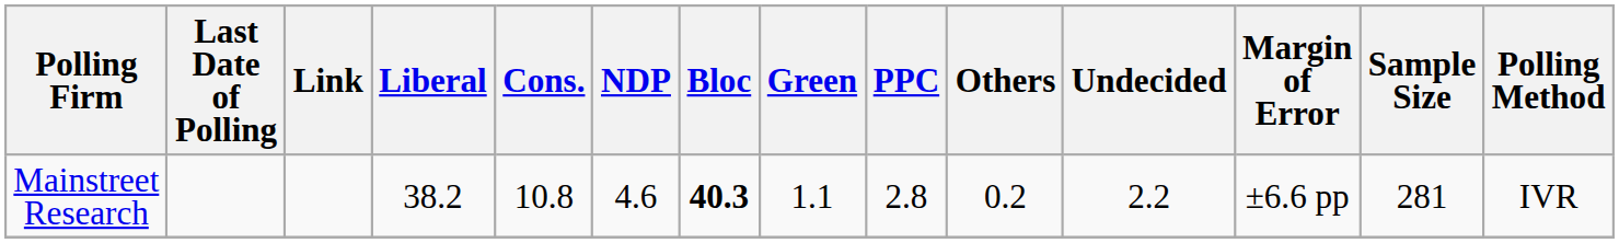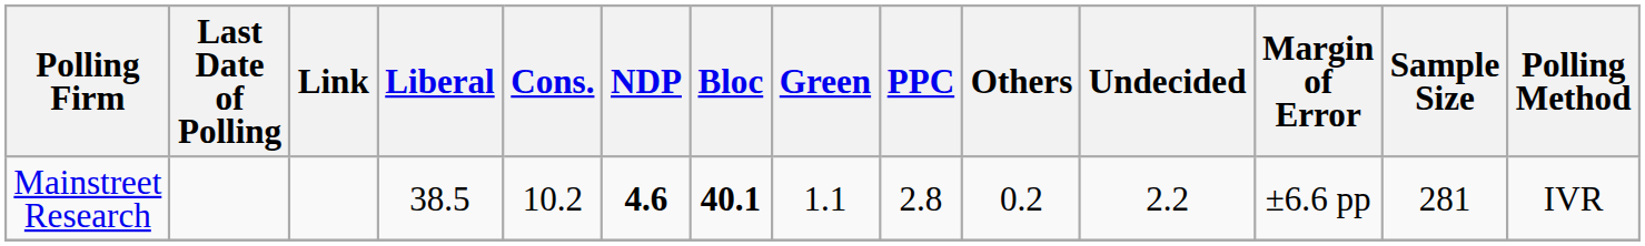 <table class="wikitable sortable" style="text-align:center;font-size:90%;line-height:14px;">
 <tr style="background:#e9e9e9;">
 <th style="width:120px">Polling Firm</th>
 <th style="width:110px">Last Date<br>of Polling</th>
 <th style="width:60px" class="unsortable">Link</th>
 <th style="background-color:"><a href='#'>Liberal</a></th>
 <th style="background-color:"><a href='#'>Cons.</a></th>
 <th style="background-color:"><a href='#'>NDP</a></th>
 <th style="background-color:"><a href='#'>Bloc</a></th>
 <th style="background-color:"><a href='#'>Green</a></th>
 <th style="background-color:"><a href='#'><span>PPC</span></a></th>
 <th style="background-color:">Others</th>
 <th style="background-color:">Undecided</th>
 <th style="width:60px;" class=unsortable>Margin<br>of Error</th>
 <th style="width:50px;" class=unsortable>Sample<br>Size</th>
 <th class=unsortable>Polling Method</th>
 </tr>
 <tr>
 <td><a href='#'>Mainstreet Research</a></td>
 <td></td>
 <td></td>
-<td>38.2</td>
-<td>10.8</td>
-<td>4.6</td>
-<td style="background-color:"><strong>40.3</strong></td>
+<td>38.5</td>
+<td>10.2</td>
+<td><strong>4.6</strong></td>
+<td style="background-color:"><strong>40.1</strong></td>
 <td>1.1</td>
 <td>2.8</td>
 <td>0.2</td>
 <td>2.2</td>
 <td>±6.6 pp</td>
 <td>281</td>
 <td>IVR</td>
 </tr>
 <tr>
 </tr>
 </table>
